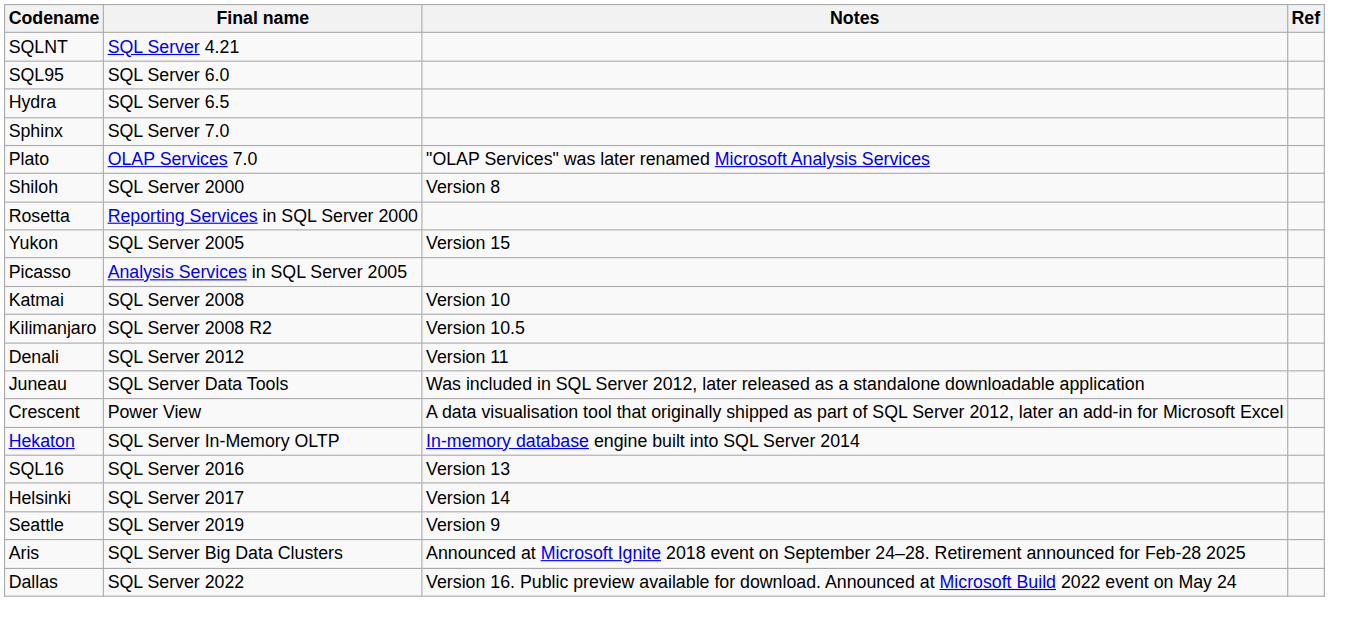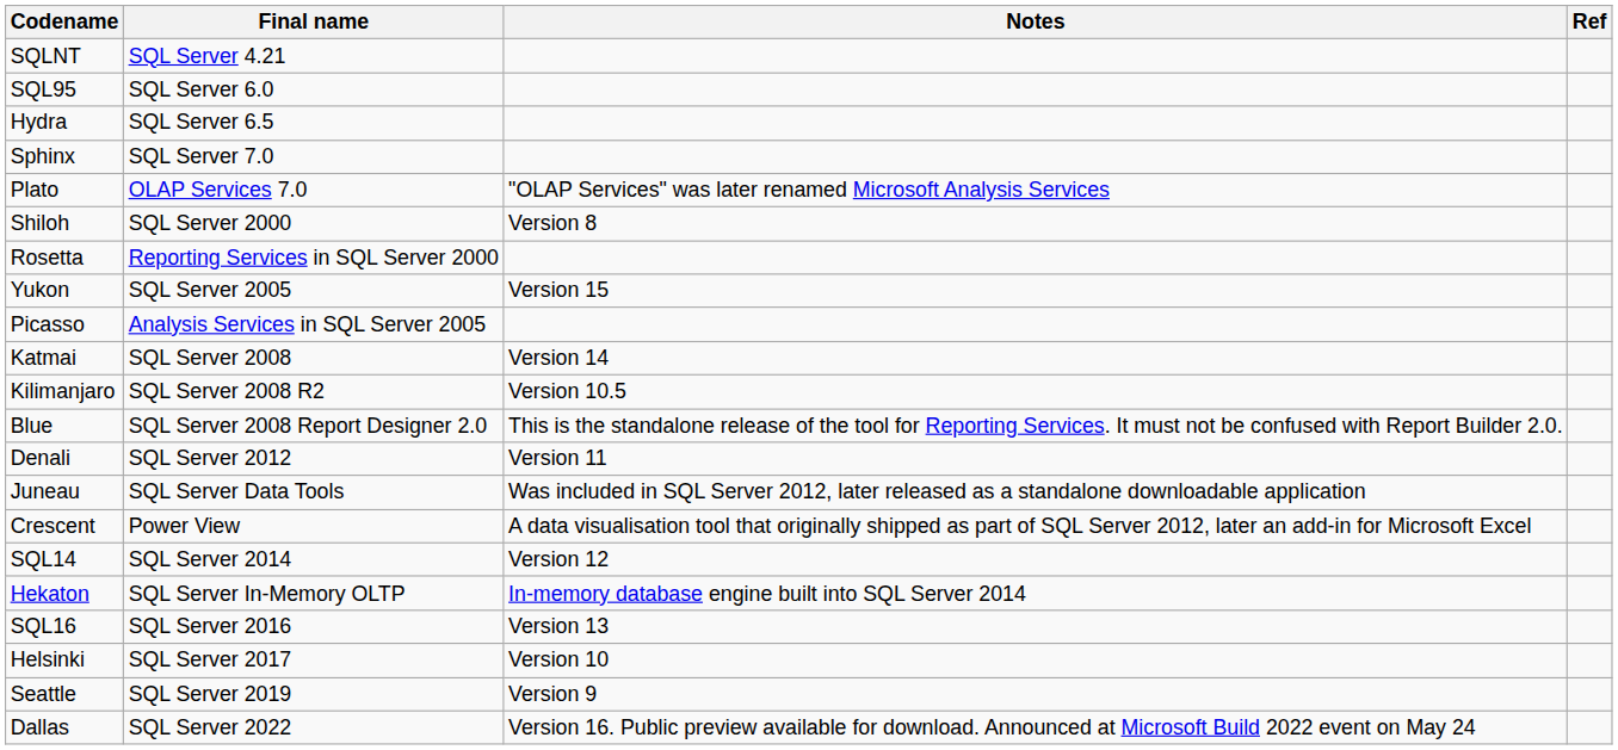 <table class="sortable wikitable">
 <tr>
 <th>Codename</th>
 <th>Final name</th>
 <th>Notes</th>
 <th>Ref</th>
 </tr>
 <tr>
 <td>SQLNT</td>
 <td><a href='#'>SQL Server</a> 4.21</td>
 <td></td>
 <td></td>
 </tr>
 <tr>
 <td>SQL95</td>
 <td>SQL Server 6.0</td>
 <td></td>
 <td></td>
 </tr>
 <tr>
 <td>Hydra</td>
 <td>SQL Server 6.5</td>
 <td></td>
 <td></td>
 </tr>
 <tr>
 <td>Sphinx</td>
 <td>SQL Server 7.0</td>
 <td></td>
 <td></td>
 </tr>
 <tr>
 <td>Plato</td>
 <td><a href='#'>OLAP Services</a> 7.0</td>
 <td>"OLAP Services" was later renamed <a href='#'>Microsoft Analysis Services</a></td>
 <td></td>
 </tr>
 <tr>
 <td>Shiloh</td>
 <td>SQL Server 2000</td>
 <td>Version 8</td>
 <td></td>
 </tr>
 <tr>
 <td>Rosetta</td>
 <td><a href='#'>Reporting Services</a> in SQL Server 2000</td>
 <td></td>
 <td></td>
 </tr>
 <tr>
 <td>Yukon</td>
 <td>SQL Server 2005</td>
 <td>Version 15</td>
 <td><br></td>
 </tr>
 <tr>
 <td>Picasso</td>
 <td><a href='#'>Analysis Services</a> in SQL Server 2005</td>
 <td></td>
 <td></td>
 </tr>
 <tr>
 <td>Katmai</td>
 <td>SQL Server 2008</td>
-<td>Version 10</td>
+<td>Version 14</td>
 <td><br></td>
 </tr>
 <tr>
 <td>Kilimanjaro</td>
 <td>SQL Server 2008 R2</td>
 <td>Version 10.5</td>
 <td></td>
+</tr>
+<tr>
+<td>Blue</td>
+<td>SQL Server 2008 Report Designer 2.0</td>
+<td>This is the standalone release of the tool for <a href='#'>Reporting Services</a>. It must not be confused with Report Builder 2.0.</td>
+<td><br> </td>
 </tr>
 <tr>
 <td>Denali</td>
 <td>SQL Server 2012</td>
 <td>Version 11</td>
 <td><br> </td>
 </tr>
 <tr>
 <td>Juneau</td>
 <td>SQL Server Data Tools</td>
 <td>Was included in SQL Server 2012, later released as a standalone downloadable application</td>
 <td></td>
 </tr>
 <tr>
 <td>Crescent</td>
 <td>Power View</td>
 <td>A data visualisation tool that originally shipped as part of SQL Server 2012, later an add-in for Microsoft Excel</td>
 <td></td>
 </tr>
 <tr>
+<td>SQL14</td>
+<td>SQL Server 2014</td>
+<td>Version 12</td>
+<td></td>
+</tr>
+<tr>
 <td><a href='#'>Hekaton</a></td>
 <td>SQL Server In-Memory OLTP</td>
 <td><a href='#'>In-memory database</a> engine built into SQL Server 2014</td>
 <td></td>
 </tr>
 <tr>
 <td>SQL16</td>
 <td>SQL Server 2016</td>
 <td>Version 13</td>
 <td></td>
 </tr>
 <tr>
 <td>Helsinki</td>
 <td>SQL Server 2017</td>
-<td>Version 14</td>
+<td>Version 10</td>
 <td><br></td>
 </tr>
 <tr>
 <td>Seattle</td>
 <td>SQL Server 2019</td>
 <td>Version 9</td>
 <td></td>
 </tr>
 <tr>
-<td>Aris</td>
-<td>SQL Server Big Data Clusters</td>
-<td>Announced at <a href='#'>Microsoft Ignite</a> 2018 event on September 24–28. Retirement announced for Feb-28 2025</td>
-<td></td>
-</tr>
-<tr>
 <td>Dallas</td>
 <td>SQL Server 2022</td>
 <td>Version 16. Public preview available for download. Announced at <a href='#'>Microsoft Build</a> 2022 event on May 24</td>
 <td></td>
 </tr>
 </table>
